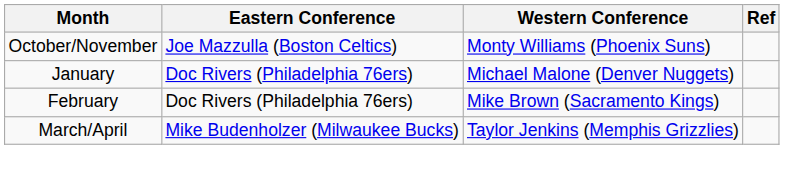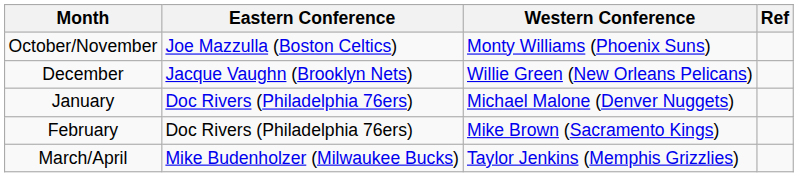 <table class="wikitable sortable" style="text-align:left;">
 <tr>
 <th>Month</th>
 <th>Eastern Conference</th>
 <th>Western Conference</th>
 <th class=unsortable>Ref</th>
 </tr>
 <tr>
 <td style="text-align:center;">October/November</td>
 <td><a href='#'>Joe Mazzulla</a> (<a href='#'>Boston Celtics</a>) </td>
 <td><a href='#'>Monty Williams</a> (<a href='#'>Phoenix Suns</a>) </td>
+<td style="text-align:center;"></td>
+</tr>
+<tr>
+<td style="text-align:center;">December</td>
+<td><a href='#'>Jacque Vaughn</a> (<a href='#'>Brooklyn Nets</a>) </td>
+<td><a href='#'>Willie Green</a> (<a href='#'>New Orleans Pelicans</a>) </td>
 <td style="text-align:center;"></td>
 </tr>
 <tr>
 <td style="text-align:center;">January</td>
 <td><a href='#'>Doc Rivers</a> (<a href='#'>Philadelphia 76ers</a>) </td>
 <td><a href='#'>Michael Malone</a> (<a href='#'>Denver Nuggets</a>) </td>
 <td style="text-align:center;"></td>
 </tr>
 <tr>
 <td style="text-align:center;">February</td>
 <td>Doc Rivers (Philadelphia 76ers) </td>
 <td><a href='#'>Mike Brown</a> (<a href='#'>Sacramento Kings</a>) </td>
 <td style="text-align:center;"></td>
 </tr>
 <tr>
 <td style="text-align:center;'">March/April</td>
 <td><a href='#'>Mike Budenholzer</a> (<a href='#'>Milwaukee Bucks</a>) </td>
 <td><a href='#'>Taylor Jenkins</a> (<a href='#'>Memphis Grizzlies</a>) </td>
 <td style="text-align:center;"></td>
 </tr>
 </table>
